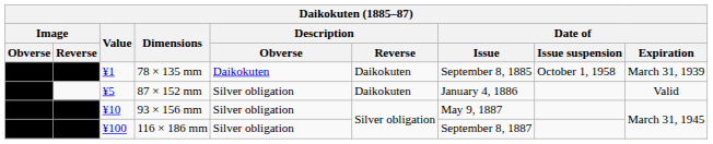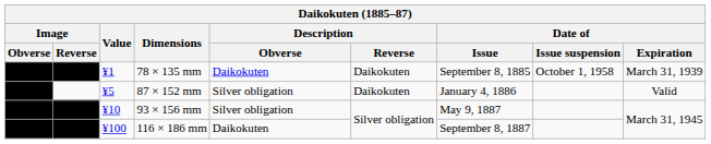 <table class="wikitable">
 <tr>
 <th colspan="9">Daikokuten (1885–87)</th>
 </tr>
 <tr>
 <th colspan="2">Image</th>
 <th rowspan="2">Value</th>
 <th rowspan="2">Dimensions</th>
 <th colspan="2">Description</th>
 <th colspan="3">Date of</th>
 </tr>
 <tr>
 <th>Obverse</th>
 <th>Reverse</th>
 <th width=180>Obverse</th>
 <th>Reverse</th>
 <th>Issue</th>
 <th>Issue suspension</th>
 <th>Expiration</th>
 </tr>
 <tr>
 <td style="text-align:center; background:#000;"></td>
 <td style="text-align:center; background:#000;"></td>
 <td><a href='#'>¥1</a></td>
 <td>78 × 135 mm</td>
 <td><a href='#'>Daikokuten</a></td>
 <td>Daikokuten</td>
 <td>September 8, 1885</td>
 <td>October 1, 1958</td>
 <td>March 31, 1939</td>
 </tr>
 <tr>
 <td style="text-align:center; background:#000;"></td>
 <td></td>
 <td><a href='#'>¥5</a></td>
 <td>87 × 152 mm</td>
 <td>Silver obligation</td>
 <td>Daikokuten</td>
 <td>January 4, 1886</td>
 <td></td>
 <td align="center">Valid</td>
 </tr>
 <tr>
 <td style="text-align:center; background:#000;"></td>
 <td style="text-align:center; background:#000;"></td>
 <td><a href='#'>¥10</a></td>
 <td>93 × 156 mm</td>
 <td>Silver obligation</td>
 <td rowspan="2">Silver obligation</td>
 <td>May 9, 1887</td>
 <td></td>
 <td rowspan="2">March 31, 1945</td>
 </tr>
 <tr>
 <td style="text-align:center; background:#000;"></td>
 <td style="text-align:center; background:#000;"></td>
 <td><a href='#'>¥100</a></td>
 <td>116 × 186 mm</td>
-<td>Silver obligation</td>
+<td>Daikokuten</td>
 <td>September 8, 1887</td>
 <td></td>
 </tr>
 </table>
